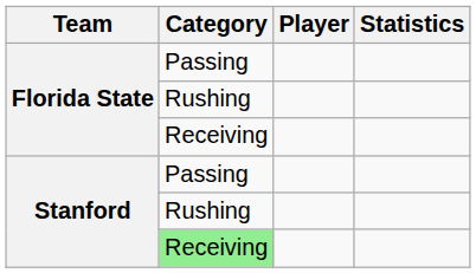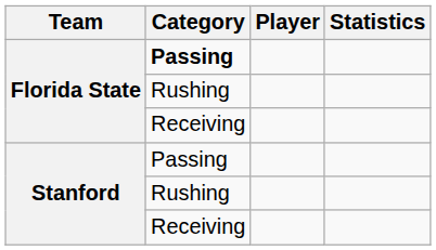 <table class="wikitable" style="float:right">
 <tr>
 <th>Team</th>
 <th>Category</th>
 <th>Player</th>
 <th>Statistics</th>
 </tr>
 <tr>
 <th rowspan=3>Florida State</th>
-<td>Passing</td>
+<td><strong>Passing</strong></td>
 <td></td>
 <td></td>
 </tr>
 <tr>
 <td>Rushing</td>
 <td></td>
 <td></td>
 </tr>
 <tr>
 <td>Receiving</td>
 <td></td>
 <td></td>
 </tr>
 <tr>
 <th rowspan=3>Stanford</th>
 <td>Passing</td>
 <td></td>
 <td></td>
 </tr>
 <tr>
 <td>Rushing</td>
 <td></td>
 <td></td>
 </tr>
 <tr>
-<td style="background: lightgreen;">Receiving</td>
+<td>Receiving</td>
 <td></td>
 <td></td>
 </tr>
 </table>
